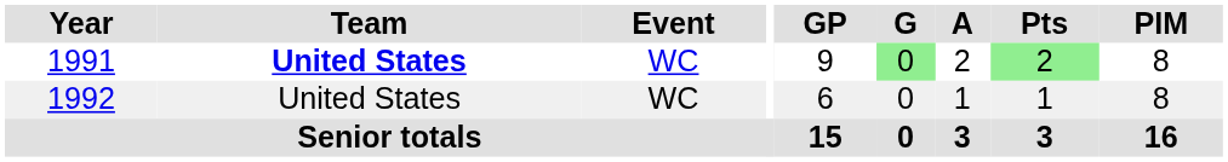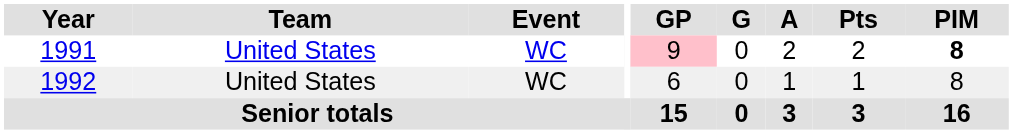 <table border="0" cellpadding="1" cellspacing="0" ID="Table3" style="text-align:center; width:40em">
 <tr bgcolor="#e0e0e0">
 <th>Year</th>
 <th>Team</th>
 <th>Event</th>
 <th rowspan="102" bgcolor="#ffffff"></th>
 <th>GP</th>
 <th>G</th>
 <th>A</th>
 <th>Pts</th>
 <th>PIM</th>
 </tr>
 <tr>
 <td><a href='#'>1991</a></td>
-<td><strong><a href='#'>United States</a></strong></td>
+<td><a href='#'>United States</a></td>
 <td><a href='#'>WC</a></td>
-<td>9</td>
-<td style="background: lightgreen;">0</td>
+<td style="background: pink;">9</td>
+<td>0</td>
 <td>2</td>
-<td style="background: lightgreen;">2</td>
-<td>8</td>
+<td>2</td>
+<td><strong>8</strong></td>
 </tr>
 <tr bgcolor="#f0f0f0">
 <td><a href='#'>1992</a></td>
 <td>United States</td>
 <td>WC</td>
 <td>6</td>
 <td>0</td>
 <td>1</td>
 <td>1</td>
 <td>8</td>
 </tr>
 <tr bgcolor="#e0e0e0">
 <th colspan="4">Senior totals</th>
 <th>15</th>
 <th>0</th>
 <th>3</th>
 <th>3</th>
 <th>16</th>
 </tr>
 </table>
